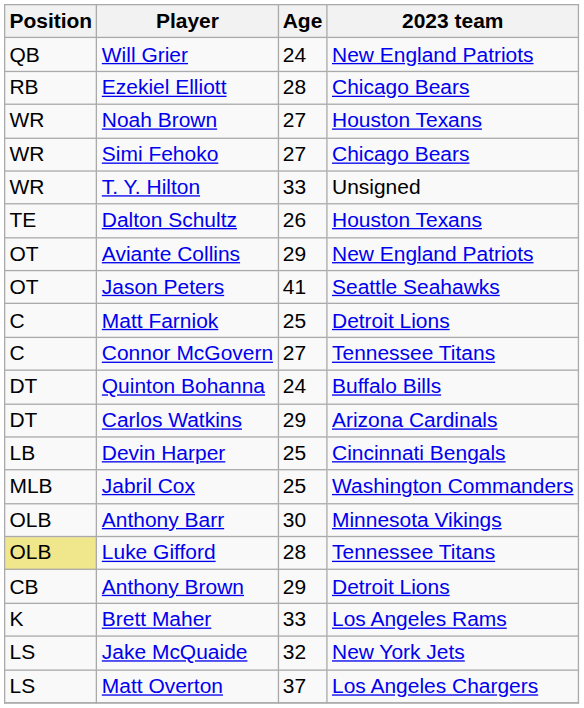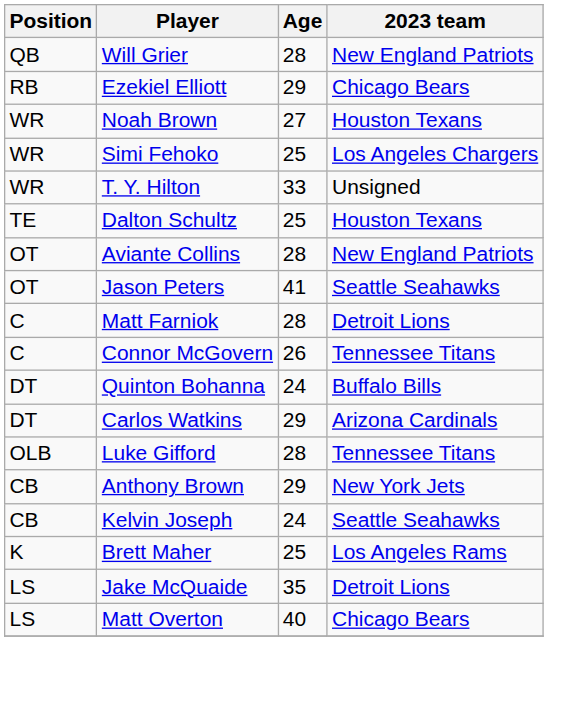 <table class="wikitable">
 <tr>
 <th>Position</th>
 <th>Player</th>
 <th>Age</th>
 <th>2023 team</th>
 </tr>
 <tr>
 <td>QB</td>
 <td><a href='#'>Will Grier</a></td>
-<td>24</td>
+<td>28</td>
 <td><a href='#'>New England Patriots</a></td>
 </tr>
 <tr>
 <td>RB</td>
 <td><a href='#'>Ezekiel Elliott</a></td>
-<td>28</td>
+<td>29</td>
 <td><a href='#'>Chicago Bears</a></td>
 </tr>
 <tr>
 <td>WR</td>
 <td><a href='#'>Noah Brown</a></td>
 <td>27</td>
 <td><a href='#'>Houston Texans</a></td>
 </tr>
 <tr>
 <td>WR</td>
 <td><a href='#'>Simi Fehoko</a></td>
-<td>27</td>
-<td><a href='#'>Chicago Bears</a></td>
+<td>25</td>
+<td><a href='#'>Los Angeles Chargers</a></td>
 </tr>
 <tr>
 <td>WR</td>
 <td><a href='#'>T. Y. Hilton</a></td>
 <td>33</td>
 <td>Unsigned</td>
 </tr>
 <tr>
 <td>TE</td>
 <td><a href='#'>Dalton Schultz</a></td>
-<td>26</td>
+<td>25</td>
 <td><a href='#'>Houston Texans</a></td>
 </tr>
 <tr>
 <td>OT</td>
 <td><a href='#'>Aviante Collins</a></td>
-<td>29</td>
+<td>28</td>
 <td><a href='#'>New England Patriots</a></td>
 </tr>
 <tr>
 <td>OT</td>
 <td><a href='#'>Jason Peters</a></td>
 <td>41</td>
 <td><a href='#'>Seattle Seahawks</a></td>
 </tr>
 <tr>
 <td>C</td>
 <td><a href='#'>Matt Farniok</a></td>
-<td>25</td>
+<td>28</td>
 <td><a href='#'>Detroit Lions</a></td>
 </tr>
 <tr>
 <td>C</td>
 <td><a href='#'>Connor McGovern</a></td>
-<td>27</td>
+<td>26</td>
 <td><a href='#'>Tennessee Titans</a></td>
 </tr>
 <tr>
 <td>DT</td>
 <td><a href='#'>Quinton Bohanna</a></td>
 <td>24</td>
 <td><a href='#'>Buffalo Bills</a></td>
 </tr>
 <tr>
 <td>DT</td>
 <td><a href='#'>Carlos Watkins</a></td>
 <td>29</td>
 <td><a href='#'>Arizona Cardinals</a></td>
 </tr>
 <tr>
-<td>LB</td>
-<td><a href='#'>Devin Harper</a></td>
-<td>25</td>
-<td><a href='#'>Cincinnati Bengals</a></td>
-</tr>
-<tr>
-<td>MLB</td>
-<td><a href='#'>Jabril Cox</a></td>
-<td>25</td>
-<td><a href='#'>Washington Commanders</a></td>
-</tr>
-<tr>
 <td>OLB</td>
-<td><a href='#'>Anthony Barr</a></td>
-<td>30</td>
-<td><a href='#'>Minnesota Vikings</a></td>
-</tr>
-<tr>
-<td style="background: khaki;">OLB</td>
 <td><a href='#'>Luke Gifford</a></td>
 <td>28</td>
 <td><a href='#'>Tennessee Titans</a></td>
 </tr>
 <tr>
 <td>CB</td>
 <td><a href='#'>Anthony Brown</a></td>
 <td>29</td>
-<td><a href='#'>Detroit Lions</a></td>
+<td><a href='#'>New York Jets</a></td>
+</tr>
+<tr>
+<td>CB</td>
+<td><a href='#'>Kelvin Joseph</a></td>
+<td>24</td>
+<td><a href='#'>Seattle Seahawks</a></td>
 </tr>
 <tr>
 <td>K</td>
 <td><a href='#'>Brett Maher</a></td>
-<td>33</td>
+<td>25</td>
 <td><a href='#'>Los Angeles Rams</a></td>
 </tr>
 <tr>
 <td>LS</td>
 <td><a href='#'>Jake McQuaide</a></td>
-<td>32</td>
-<td><a href='#'>New York Jets</a></td>
+<td>35</td>
+<td><a href='#'>Detroit Lions</a></td>
 </tr>
 <tr>
 <td>LS</td>
 <td><a href='#'>Matt Overton</a></td>
-<td>37</td>
-<td><a href='#'>Los Angeles Chargers</a></td>
+<td>40</td>
+<td><a href='#'>Chicago Bears</a></td>
 </tr>
 <tr>
 </tr>
 </table>
